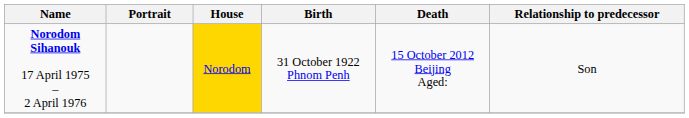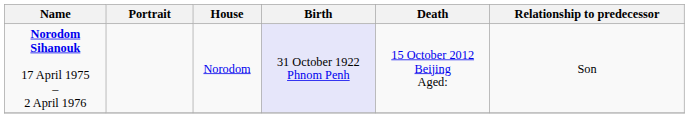 <table style="text-align:center; width:100%" class="wikitable">
 <tr>
 <th width=15%>Name</th>
 <th width=105px>Portrait</th>
 <th>House</th>
 <th>Birth</th>
 <th>Death</th>
 <th>Relationship to predecessor</th>
 </tr>
 <tr>
 <td><strong><a href='#'>Norodom Sihanouk</a></strong><br><br>17 April 1975<br>–<br>2 April 1976<br></td>
 <td></td>
-<td style="background: gold;"><a href='#'>Norodom</a></td>
-<td>31 October 1922<br><a href='#'>Phnom Penh</a></td>
+<td><a href='#'>Norodom</a></td>
+<td style="background: lavender;">31 October 1922<br><a href='#'>Phnom Penh</a></td>
 <td><a href='#'>15 October 2012</a><br><a href='#'>Beijing</a><br>Aged: </td>
 <td>Son</td>
 </tr>
 <tr>
 </tr>
 </table>
